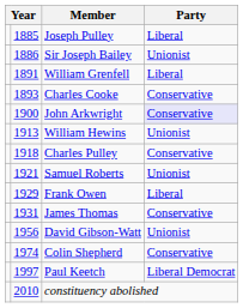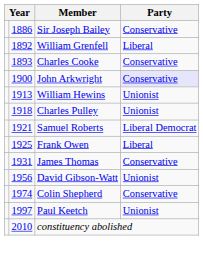 <table class="wikitable">
 <tr>
 <th colspan="2">Year</th>
 <th>Member</th>
 <th>Party</th>
 </tr>
 <tr>
 <td style="color:inherit;background-color: "></td>
-<td><a href='#'>1885</a></td>
-<td><a href='#'>Joseph Pulley</a></td>
-<td><a href='#'>Liberal</a></td>
+<td><a href='#'>1886</a></td>
+<td><a href='#'>Sir Joseph Bailey</a></td>
+<td><a href='#'>Conservative</a></td>
 </tr>
 <tr>
 <td style="color:inherit;background-color: "></td>
-<td><a href='#'>1886</a></td>
-<td><a href='#'>Sir Joseph Bailey</a></td>
-<td><a href='#'>Unionist</a></td>
-</tr>
-<tr>
-<td style="color:inherit;background-color: "></td>
-<td><a href='#'>1891</a></td>
+<td><a href='#'>1892</a></td>
 <td><a href='#'>William Grenfell</a></td>
 <td><a href='#'>Liberal</a></td>
 </tr>
 <tr>
 <td style="color:inherit;background-color: "></td>
 <td><a href='#'>1893</a></td>
 <td><a href='#'>Charles Cooke</a></td>
 <td><a href='#'>Conservative</a></td>
 </tr>
 <tr>
 <td style="color:inherit;background-color: "></td>
 <td><a href='#'>1900</a></td>
 <td><a href='#'>John Arkwright</a></td>
 <td style="background: lavender;"><a href='#'>Conservative</a></td>
 </tr>
 <tr>
 <td style="color:inherit;background-color: "></td>
 <td><a href='#'>1913</a></td>
 <td><a href='#'>William Hewins</a></td>
 <td><a href='#'>Unionist</a></td>
 </tr>
 <tr>
 <td style="color:inherit;background-color: "></td>
 <td><a href='#'>1918</a></td>
 <td><a href='#'>Charles Pulley</a></td>
-<td><a href='#'>Conservative</a></td>
+<td><a href='#'>Unionist</a></td>
 </tr>
 <tr>
 <td style="color:inherit;background-color: "></td>
 <td><a href='#'>1921</a></td>
 <td><a href='#'>Samuel Roberts</a></td>
-<td><a href='#'>Unionist</a></td>
+<td><a href='#'>Liberal Democrat</a></td>
 </tr>
 <tr>
 <td style="color:inherit;background-color: "></td>
-<td><a href='#'>1929</a></td>
+<td><a href='#'>1925</a></td>
 <td><a href='#'>Frank Owen</a></td>
 <td><a href='#'>Liberal</a></td>
 </tr>
 <tr>
 <td style="color:inherit;background-color: "></td>
 <td><a href='#'>1931</a></td>
 <td><a href='#'>James Thomas</a></td>
 <td><a href='#'>Conservative</a></td>
 </tr>
 <tr>
 <td style="color:inherit;background-color: "></td>
 <td><a href='#'>1956</a></td>
 <td><a href='#'>David Gibson-Watt</a></td>
 <td><a href='#'>Unionist</a></td>
 </tr>
 <tr>
 <td style="color:inherit;background-color: "></td>
 <td><a href='#'>1974</a></td>
 <td><a href='#'>Colin Shepherd</a></td>
 <td><a href='#'>Conservative</a></td>
 </tr>
 <tr>
 <td style="color:inherit;background-color: "></td>
 <td><a href='#'>1997</a></td>
 <td><a href='#'>Paul Keetch</a></td>
-<td><a href='#'>Liberal Democrat</a></td>
+<td><a href='#'>Unionist</a></td>
 </tr>
 <tr>
 <td></td>
 <td><a href='#'>2010</a></td>
 <td colspan="2"><em>constituency abolished</em></td>
 </tr>
 </table>
